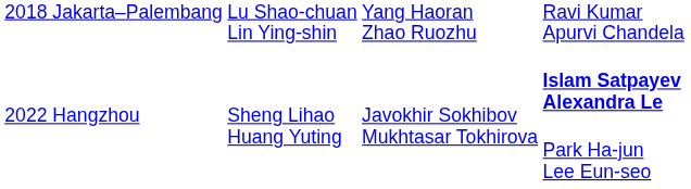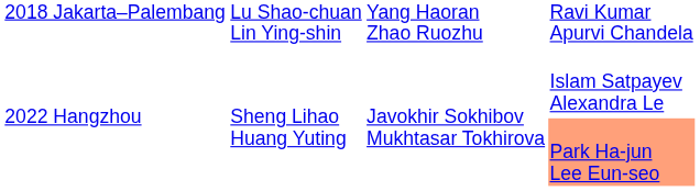 <table>
 <tr>
 <td><a href='#'>2018 Jakarta–Palembang</a></td>
 <td><br><a href='#'>Lu Shao-chuan</a><br><a href='#'>Lin Ying-shin</a></td>
 <td><br><a href='#'>Yang Haoran</a><br><a href='#'>Zhao Ruozhu</a></td>
 <td><br><a href='#'>Ravi Kumar</a><br><a href='#'>Apurvi Chandela</a></td>
 </tr>
 <tr>
 <td rowspan=2><a href='#'>2022 Hangzhou</a></td>
 <td rowspan=2><br><a href='#'>Sheng Lihao</a><br><a href='#'>Huang Yuting</a></td>
 <td rowspan=2><br><a href='#'>Javokhir Sokhibov</a><br><a href='#'>Mukhtasar Tokhirova</a></td>
-<td><strong><br><a href='#'>Islam Satpayev</a><br><a href='#'>Alexandra Le</a></strong></td>
+<td><br><a href='#'>Islam Satpayev</a><br><a href='#'>Alexandra Le</a></td>
 </tr>
 <tr>
-<td><br><a href='#'>Park Ha-jun</a><br><a href='#'>Lee Eun-seo</a></td>
+<td style="background: lightsalmon;"><br><a href='#'>Park Ha-jun</a><br><a href='#'>Lee Eun-seo</a></td>
 </tr>
 </table>
